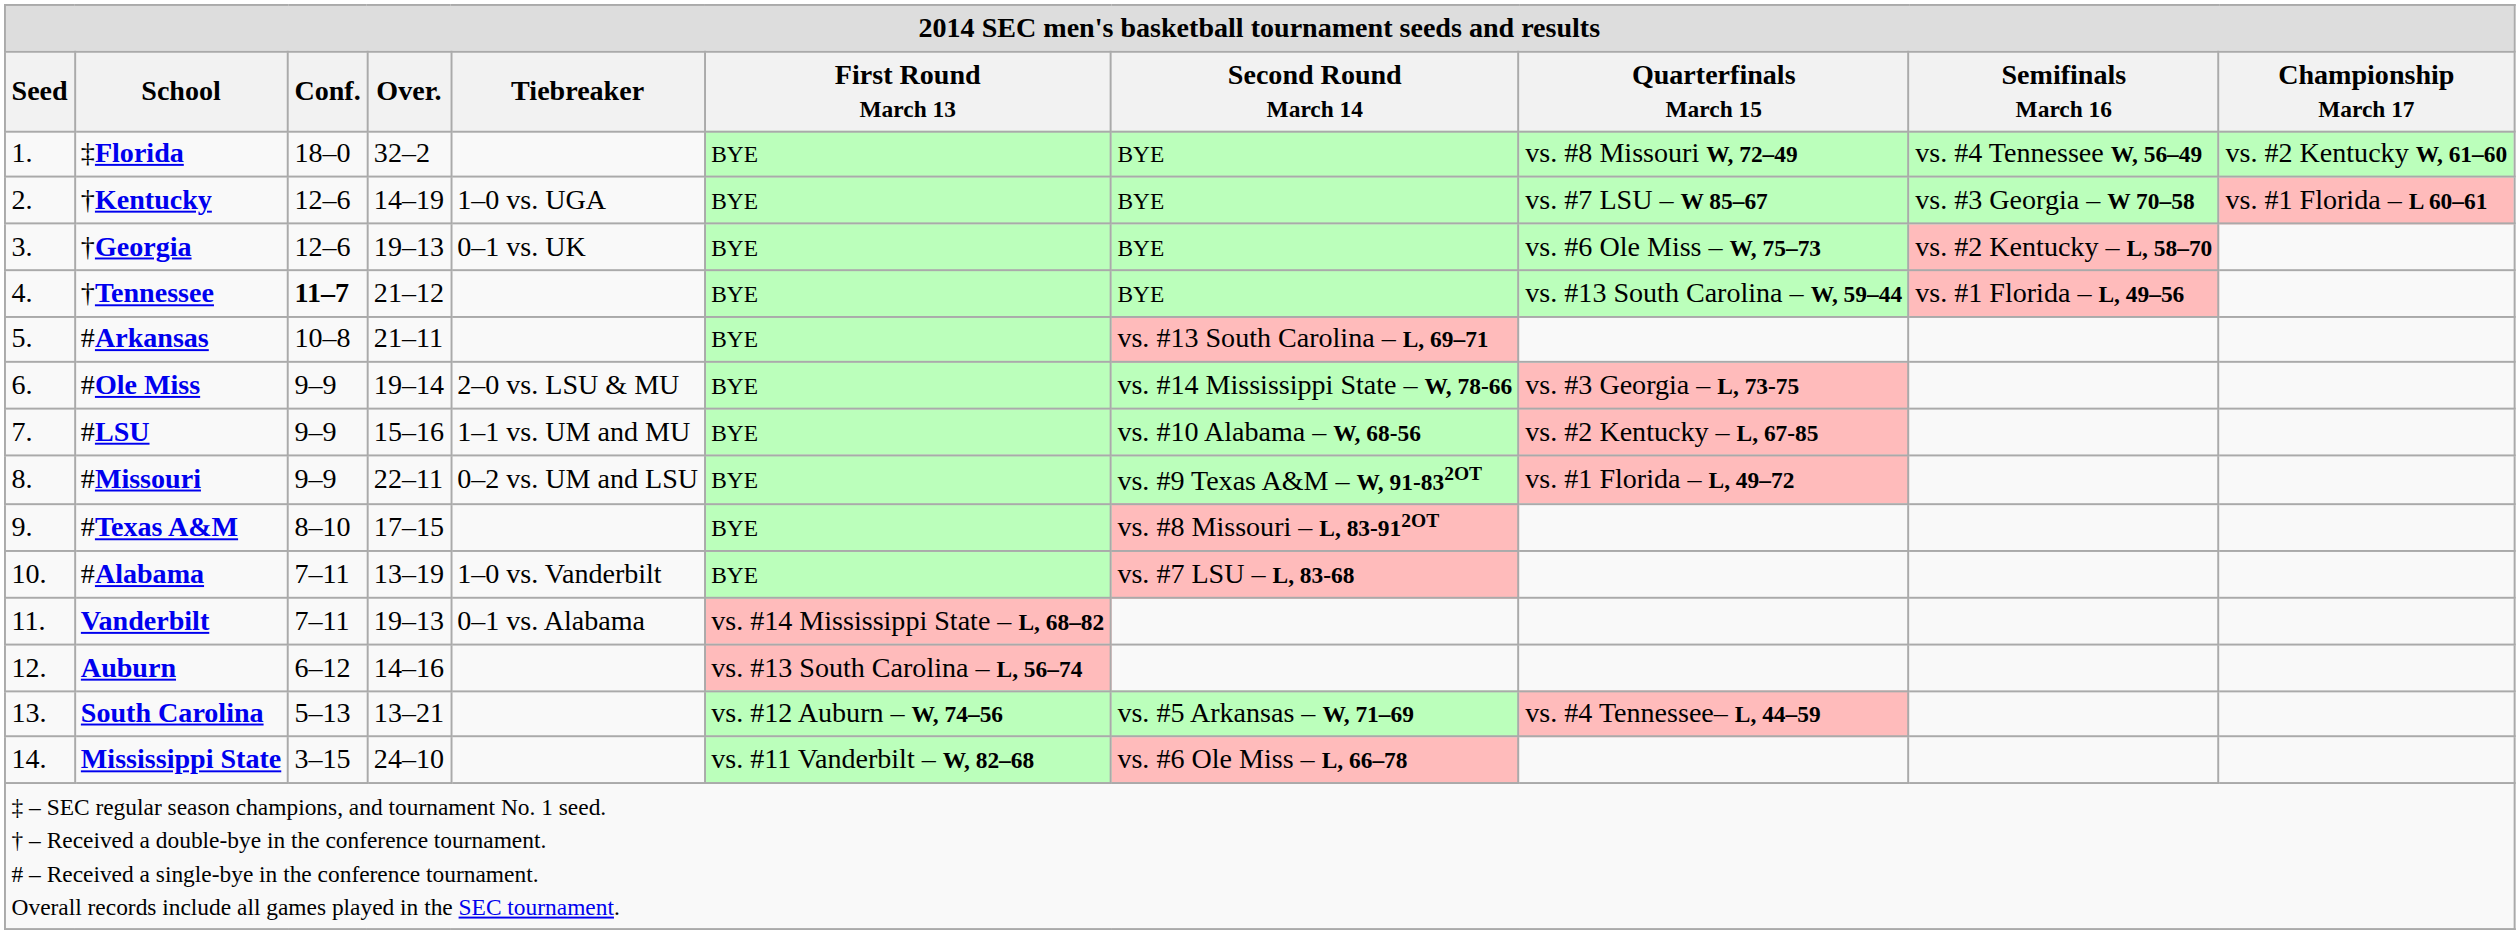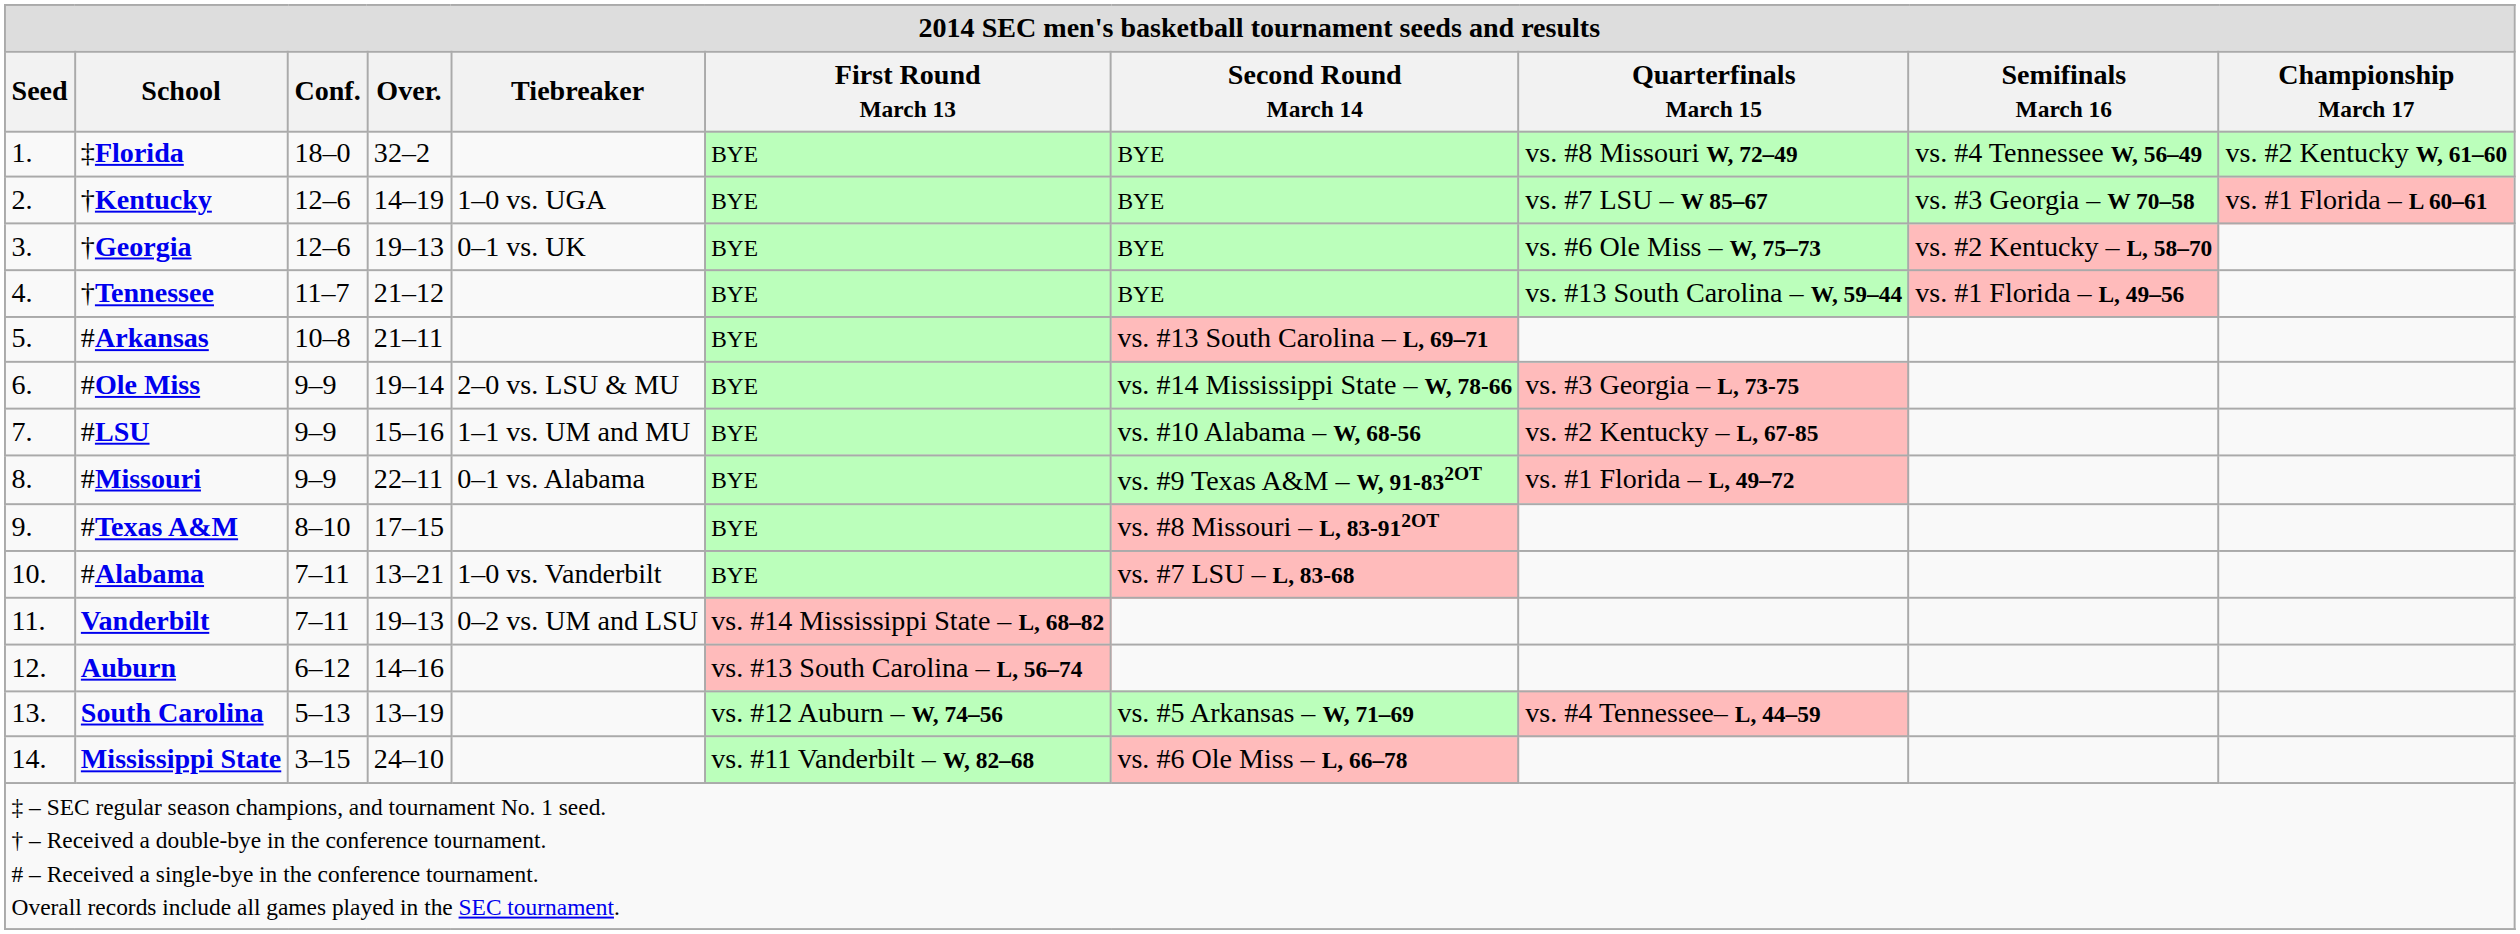 <table class="wikitable" style="white-space:nowrap; font-size:90%;">
 <tr>
 <td colspan="10" style="text-align:center; background:#DDDDDD; font:#000000"><strong>2014 SEC men's basketball tournament seeds and results</strong></td>
 </tr>
 <tr bgcolor="#efefef">
 <th>Seed</th>
 <th>School</th>
 <th>Conf.</th>
 <th>Over.</th>
 <th>Tiebreaker</th>
 <th>First Round<br><small>March 13</small></th>
 <th>Second Round<br><small>March 14</small></th>
 <th>Quarterfinals<br><small>March 15</small></th>
 <th>Semifinals<br><small>March 16</small></th>
 <th>Championship<br><small>March 17</small></th>
 </tr>
 <tr>
 <td>1.</td>
 <td>‡<strong><a href='#'>Florida</a></strong></td>
 <td>18–0</td>
 <td>32–2</td>
 <td></td>
 <td style="background:#bfb;"><small>BYE</small></td>
 <td style="background:#bfb;"><small>BYE</small></td>
 <td style="background:#bfb;">vs. #8 Missouri <small><strong>W, 72–49</strong></small></td>
 <td style="background:#bfb;">vs. #4 Tennessee <small><strong>W, 56–49</strong></small></td>
 <td style="background:#bfb;">vs. #2 Kentucky <small><strong>W, 61–60</strong></small></td>
 </tr>
 <tr>
 <td>2.</td>
 <td>†<strong><a href='#'>Kentucky</a></strong></td>
 <td>12–6</td>
 <td>14–19</td>
 <td>1–0 vs. UGA</td>
 <td style="background:#bfb;"><small>BYE</small></td>
 <td style="background:#bfb;"><small>BYE</small></td>
 <td style="background:#bfb;">vs. #7 LSU – <small><strong>W 85–67</strong></small></td>
 <td style="background:#bfb;">vs. #3 Georgia – <small><strong>W 70–58</strong></small></td>
 <td style="background:#fbb;">vs. #1 Florida – <small><strong>L 60–61</strong></small></td>
 </tr>
 <tr>
 <td>3.</td>
 <td>†<strong><a href='#'>Georgia</a></strong></td>
 <td>12–6</td>
 <td>19–13</td>
 <td>0–1 vs. UK</td>
 <td style="background:#bfb;"><small>BYE</small></td>
 <td style="background:#bfb;"><small>BYE</small></td>
 <td style="background:#bfb;">vs. #6 Ole Miss – <small><strong>W, 75–73</strong></small></td>
 <td style="background:#fbb;">vs. #2 Kentucky – <small><strong>L, 58–70</strong></small></td>
 <td></td>
 </tr>
 <tr>
 <td>4.</td>
 <td>†<strong><a href='#'>Tennessee</a></strong></td>
-<td><strong>11–7</strong></td>
+<td>11–7</td>
 <td>21–12</td>
 <td></td>
 <td style="background:#bfb;"><small>BYE</small></td>
 <td style="background:#bfb;"><small>BYE</small></td>
 <td style="background:#bfb;">vs. #13 South Carolina – <small><strong>W, 59–44</strong></small></td>
 <td style="background:#fbb;">vs. #1 Florida – <small><strong>L, 49–56</strong></small></td>
 <td></td>
 </tr>
 <tr>
 <td>5.</td>
 <td>#<strong><a href='#'>Arkansas</a></strong></td>
 <td>10–8</td>
 <td>21–11</td>
 <td></td>
 <td style="background:#bfb;"><small>BYE</small></td>
 <td style="background:#fbb;">vs. #13 South Carolina – <small><strong>L, 69–71</strong></small></td>
 <td></td>
 <td></td>
 <td></td>
 </tr>
 <tr>
 <td>6.</td>
 <td>#<strong><a href='#'>Ole Miss</a></strong></td>
 <td>9–9</td>
 <td>19–14</td>
 <td>2–0 vs. LSU & MU</td>
 <td style="background:#bfb;"><small>BYE</small></td>
 <td style="background:#bfb;">vs. #14 Mississippi State – <strong><small>W, 78-66</small></strong></td>
 <td style="background:#fbb;">vs. #3 Georgia – <strong><small>L, 73-75</small></strong></td>
 <td></td>
 <td></td>
 </tr>
 <tr>
 <td>7.</td>
 <td>#<strong><a href='#'>LSU</a></strong></td>
 <td>9–9</td>
 <td>15–16</td>
 <td>1–1 vs. UM and MU</td>
 <td style="background:#bfb;"><small>BYE</small></td>
 <td style="background:#bfb;">vs. #10 Alabama – <strong><small>W, 68-56</small></strong></td>
 <td style="background:#fbb;">vs. #2 Kentucky – <strong><small>L, 67-85</small></strong></td>
 <td></td>
 <td></td>
 </tr>
 <tr>
 <td>8.</td>
 <td>#<strong><a href='#'>Missouri</a></strong></td>
 <td>9–9</td>
 <td>22–11</td>
-<td>0–2 vs. UM and LSU</td>
+<td>0–1 vs. Alabama</td>
 <td style="background:#bfb;"><small>BYE</small></td>
 <td style="background:#bfb;">vs. #9 Texas A&M – <strong><small>W, 91-83<sup>2OT</sup></small></strong></td>
 <td style="background:#fbb;">vs. #1 Florida – <strong><small>L, 49–72</small></strong></td>
 <td></td>
 <td></td>
 </tr>
 <tr>
 <td>9.</td>
 <td>#<strong><a href='#'>Texas A&M</a></strong></td>
 <td>8–10</td>
 <td>17–15</td>
 <td></td>
 <td style="background:#bfb;"><small>BYE</small></td>
 <td style="background:#fbb;">vs. #8 Missouri – <strong><small>L, 83-91<sup>2OT</sup></small></strong></td>
 <td></td>
 <td></td>
 <td></td>
 </tr>
 <tr>
 <td>10.</td>
 <td>#<strong><a href='#'>Alabama</a></strong></td>
 <td>7–11</td>
-<td>13–19</td>
+<td>13–21</td>
 <td>1–0 vs. Vanderbilt</td>
 <td style="background:#bfb;"><small>BYE</small></td>
 <td style="background:#fbb;">vs. #7 LSU – <strong><small>L, 83-68</small></strong></td>
 <td></td>
 <td></td>
 <td></td>
 </tr>
 <tr>
 <td>11.</td>
 <td><strong><a href='#'>Vanderbilt</a></strong></td>
 <td>7–11</td>
 <td>19–13</td>
-<td>0–1 vs. Alabama</td>
+<td>0–2 vs. UM and LSU</td>
 <td style="background:#fbb;">vs. #14 Mississippi State – <small><strong>L, 68–82</strong></small></td>
 <td></td>
 <td></td>
 <td></td>
 <td></td>
 </tr>
 <tr>
 <td>12.</td>
 <td><strong><a href='#'>Auburn</a></strong></td>
 <td>6–12</td>
 <td>14–16</td>
 <td></td>
 <td style="background:#fbb;">vs. #13 South Carolina – <small><strong>L, 56–74</strong></small></td>
 <td></td>
 <td></td>
 <td></td>
 <td></td>
 </tr>
 <tr>
 <td>13.</td>
 <td><strong><a href='#'>South Carolina</a></strong></td>
 <td>5–13</td>
-<td>13–21</td>
+<td>13–19</td>
 <td></td>
 <td style="background:#bfb;">vs. #12 Auburn – <small><strong>W, 74–56</strong></small></td>
 <td style="background:#bfb;">vs. #5 Arkansas – <small><strong>W, 71–69</strong></small></td>
 <td style="background:#fbb;">vs. #4 Tennessee– <small><strong>L, 44–59</strong></small></td>
 <td></td>
 <td></td>
 </tr>
 <tr>
 <td>14.</td>
 <td><strong><a href='#'>Mississippi State</a></strong></td>
 <td>3–15</td>
 <td>24–10</td>
 <td></td>
 <td style="background:#bfb;">vs. #11 Vanderbilt – <small><strong>W, 82–68</strong></small></td>
 <td style="background:#fbb;">vs. #6 Ole Miss – <small><strong>L, 66–78</strong></small></td>
 <td></td>
 <td></td>
 <td></td>
 </tr>
 <tr>
 <td colspan="10" style="text-align:left;"><small>‡ – SEC regular season champions, and tournament No. 1 seed.<br>† – Received a double-bye in the conference tournament.<br># – Received a single-bye in the conference tournament.<br>Overall records include all games played in the <a href='#'>SEC tournament</a>.</small></td>
 </tr>
 <tr>
 </tr>
 </table>
